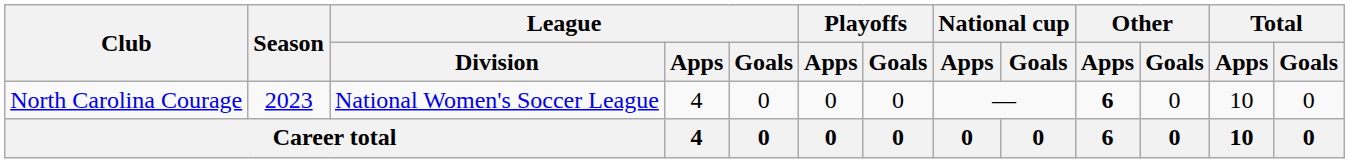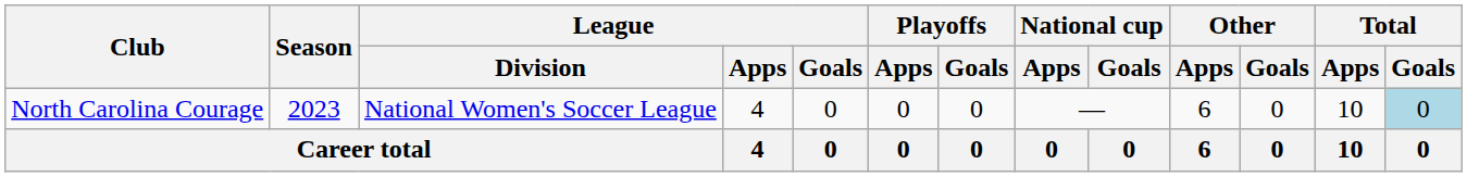 <table class="wikitable" style="text-align: center;">
 <tr>
 <th rowspan="2">Club</th>
 <th rowspan="2">Season</th>
 <th colspan="3">League</th>
 <th colspan="2">Playoffs</th>
 <th colspan="2">National cup</th>
 <th colspan="2">Other</th>
 <th colspan="2">Total</th>
 </tr>
 <tr>
 <th>Division</th>
 <th>Apps</th>
 <th>Goals</th>
 <th>Apps</th>
 <th>Goals</th>
 <th>Apps</th>
 <th>Goals</th>
 <th>Apps</th>
 <th>Goals</th>
 <th>Apps</th>
 <th>Goals</th>
 </tr>
 <tr>
 <td><a href='#'>North Carolina Courage</a></td>
 <td><a href='#'>2023</a></td>
 <td><a href='#'>National Women's Soccer League</a></td>
 <td>4</td>
 <td>0</td>
 <td>0</td>
 <td>0</td>
 <td colspan="2">—</td>
-<td><strong>6</strong></td>
+<td>6</td>
 <td>0</td>
 <td>10</td>
-<td>0</td>
+<td style="background: lightblue;">0</td>
 </tr>
 <tr>
 <th colspan="3">Career total</th>
 <th>4</th>
 <th>0</th>
 <th>0</th>
 <th>0</th>
 <th>0</th>
 <th>0</th>
 <th>6</th>
 <th>0</th>
 <th>10</th>
 <th>0</th>
 </tr>
 </table>
